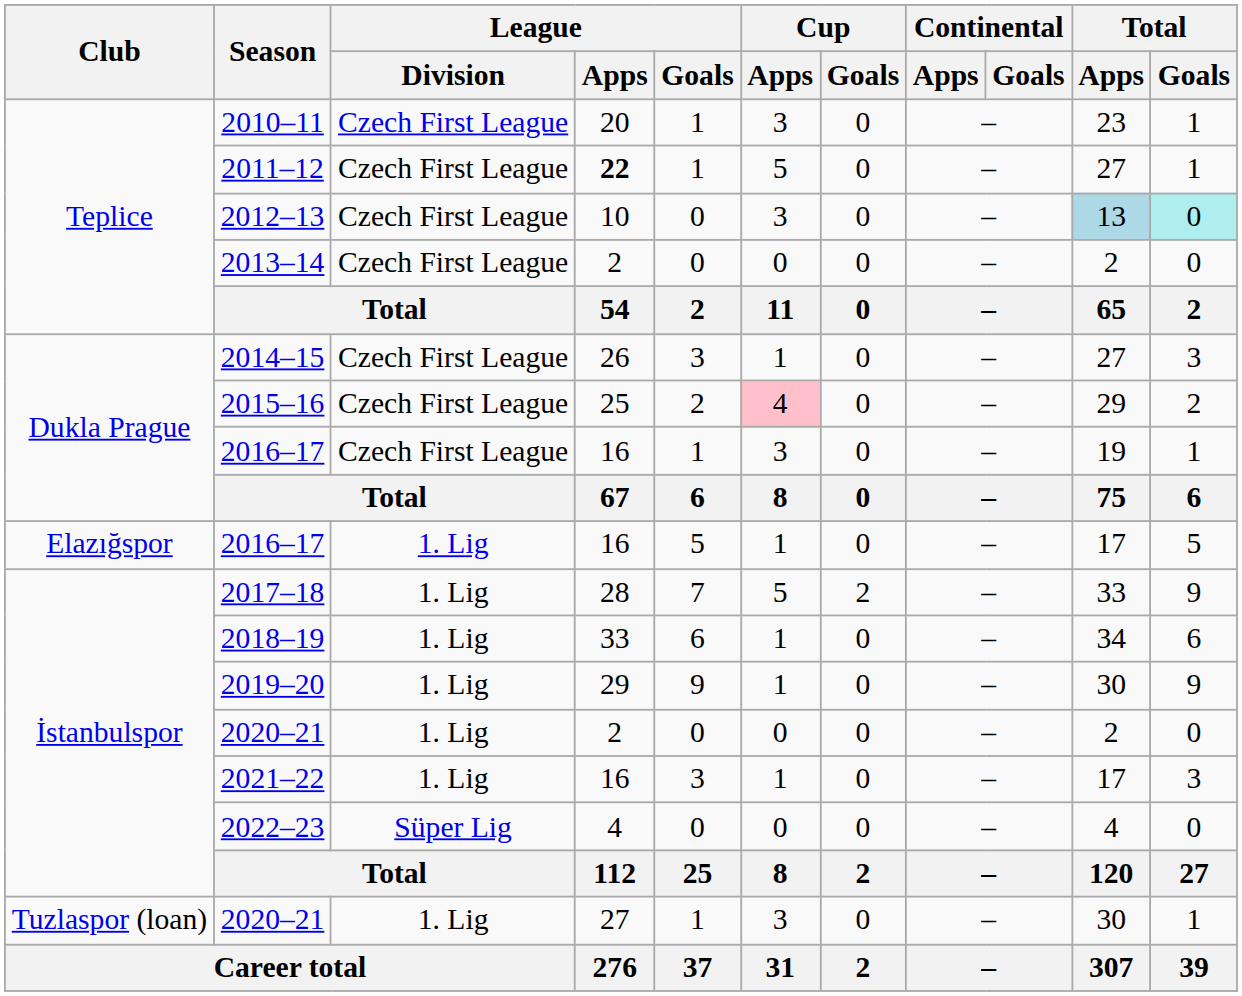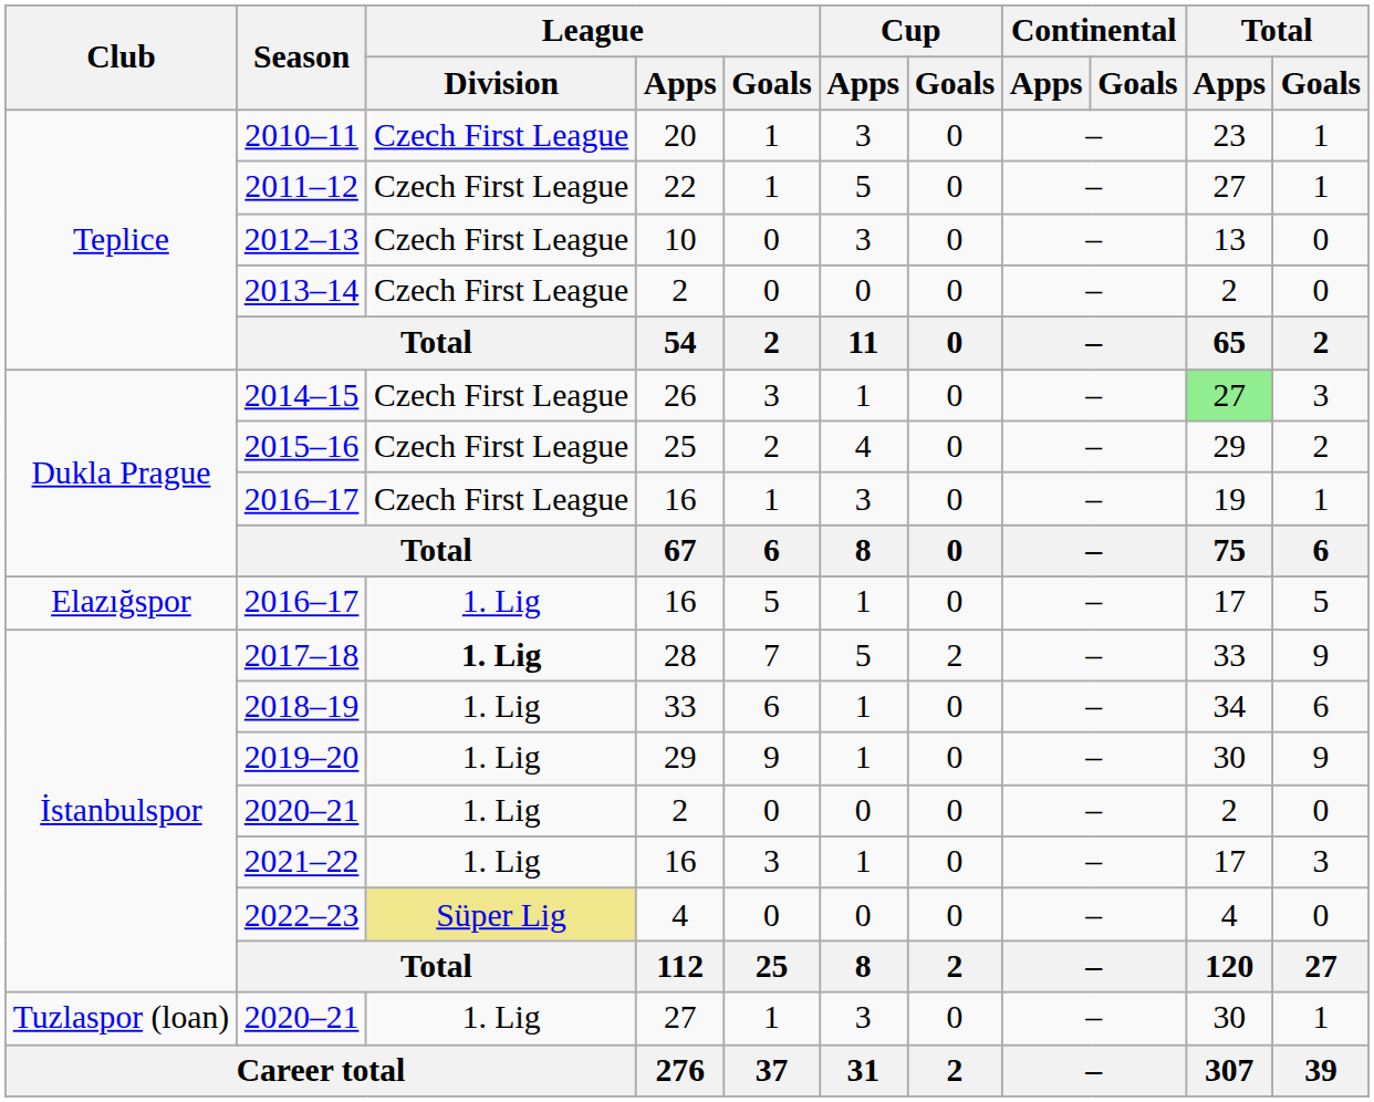 <table class="wikitable" style="text-align:center">
 <tr>
 <th rowspan="2">Club</th>
 <th rowspan="2">Season</th>
 <th colspan="3">League</th>
 <th colspan="2">Cup</th>
 <th colspan="2">Continental</th>
 <th colspan="2">Total</th>
 </tr>
 <tr>
 <th>Division</th>
 <th>Apps</th>
 <th>Goals</th>
 <th>Apps</th>
 <th>Goals</th>
 <th>Apps</th>
 <th>Goals</th>
 <th>Apps</th>
 <th>Goals</th>
 </tr>
 <tr>
 <td rowspan="5"><a href='#'>Teplice</a></td>
 <td><a href='#'>2010–11</a></td>
 <td><a href='#'>Czech First League</a></td>
 <td>20</td>
 <td>1</td>
 <td>3</td>
 <td>0</td>
 <td colspan="2">–</td>
 <td>23</td>
 <td>1</td>
 </tr>
 <tr>
 <td><a href='#'>2011–12</a></td>
 <td>Czech First League</td>
-<td><strong>22</strong></td>
+<td>22</td>
 <td>1</td>
 <td>5</td>
 <td>0</td>
 <td colspan="2">–</td>
 <td>27</td>
 <td>1</td>
 </tr>
 <tr>
 <td><a href='#'>2012–13</a></td>
 <td>Czech First League</td>
 <td>10</td>
 <td>0</td>
 <td>3</td>
 <td>0</td>
 <td colspan="2">–</td>
-<td style="background: lightblue;">13</td>
-<td style="background: paleturquoise;">0</td>
+<td>13</td>
+<td>0</td>
 </tr>
 <tr>
 <td><a href='#'>2013–14</a></td>
 <td>Czech First League</td>
 <td>2</td>
 <td>0</td>
 <td>0</td>
 <td>0</td>
 <td colspan="2">–</td>
 <td>2</td>
 <td>0</td>
 </tr>
 <tr>
 <th colspan="2">Total</th>
 <th>54</th>
 <th>2</th>
 <th>11</th>
 <th>0</th>
 <th colspan="2">–</th>
 <th>65</th>
 <th>2</th>
 </tr>
 <tr>
 <td rowspan="4"><a href='#'>Dukla Prague</a></td>
 <td><a href='#'>2014–15</a></td>
 <td>Czech First League</td>
 <td>26</td>
 <td>3</td>
 <td>1</td>
 <td>0</td>
 <td colspan="2">–</td>
-<td>27</td>
+<td style="background: lightgreen;">27</td>
 <td>3</td>
 </tr>
 <tr>
 <td><a href='#'>2015–16</a></td>
 <td>Czech First League</td>
 <td>25</td>
 <td>2</td>
-<td style="background: pink;">4</td>
+<td>4</td>
 <td>0</td>
 <td colspan="2">–</td>
 <td>29</td>
 <td>2</td>
 </tr>
 <tr>
 <td><a href='#'>2016–17</a></td>
 <td>Czech First League</td>
 <td>16</td>
 <td>1</td>
 <td>3</td>
 <td>0</td>
 <td colspan="2">–</td>
 <td>19</td>
 <td>1</td>
 </tr>
 <tr>
 <th colspan="2">Total</th>
 <th>67</th>
 <th>6</th>
 <th>8</th>
 <th>0</th>
 <th colspan="2">–</th>
 <th>75</th>
 <th>6</th>
 </tr>
 <tr>
 <td><a href='#'>Elazığspor</a></td>
 <td><a href='#'>2016–17</a></td>
 <td><a href='#'>1. Lig</a></td>
 <td>16</td>
 <td>5</td>
 <td>1</td>
 <td>0</td>
 <td colspan="2">–</td>
 <td>17</td>
 <td>5</td>
 </tr>
 <tr>
 <td rowspan=7><a href='#'>İstanbulspor</a></td>
 <td><a href='#'>2017–18</a></td>
-<td>1. Lig</td>
+<td><strong>1. Lig</strong></td>
 <td>28</td>
 <td>7</td>
 <td>5</td>
 <td>2</td>
 <td colspan="2">–</td>
 <td>33</td>
 <td>9</td>
 </tr>
 <tr>
 <td><a href='#'>2018–19</a></td>
 <td>1. Lig</td>
 <td>33</td>
 <td>6</td>
 <td>1</td>
 <td>0</td>
 <td colspan="2">–</td>
 <td>34</td>
 <td>6</td>
 </tr>
 <tr>
 <td><a href='#'>2019–20</a></td>
 <td>1. Lig</td>
 <td>29</td>
 <td>9</td>
 <td>1</td>
 <td>0</td>
 <td colspan="2">–</td>
 <td>30</td>
 <td>9</td>
 </tr>
 <tr>
 <td><a href='#'>2020–21</a></td>
 <td>1. Lig</td>
 <td>2</td>
 <td>0</td>
 <td>0</td>
 <td>0</td>
 <td colspan="2">–</td>
 <td>2</td>
 <td>0</td>
 </tr>
 <tr>
 <td><a href='#'>2021–22</a></td>
 <td>1. Lig</td>
 <td>16</td>
 <td>3</td>
 <td>1</td>
 <td>0</td>
 <td colspan="2">–</td>
 <td>17</td>
 <td>3</td>
 </tr>
 <tr>
 <td><a href='#'>2022–23</a></td>
-<td><a href='#'>Süper Lig</a></td>
+<td style="background: khaki;"><a href='#'>Süper Lig</a></td>
 <td>4</td>
 <td>0</td>
 <td>0</td>
 <td>0</td>
 <td colspan="2">–</td>
 <td>4</td>
 <td>0</td>
 </tr>
 <tr>
 <th colspan="2">Total</th>
 <th>112</th>
 <th>25</th>
 <th>8</th>
 <th>2</th>
 <th colspan="2">–</th>
 <th>120</th>
 <th>27</th>
 </tr>
 <tr>
 <td><a href='#'>Tuzlaspor</a> (loan)</td>
 <td><a href='#'>2020–21</a></td>
 <td>1. Lig</td>
 <td>27</td>
 <td>1</td>
 <td>3</td>
 <td>0</td>
 <td colspan="2">–</td>
 <td>30</td>
 <td>1</td>
 </tr>
 <tr>
 <th colspan="3">Career total</th>
 <th>276</th>
 <th>37</th>
 <th>31</th>
 <th>2</th>
 <th colspan="2">–</th>
 <th>307</th>
 <th>39</th>
 </tr>
 </table>
